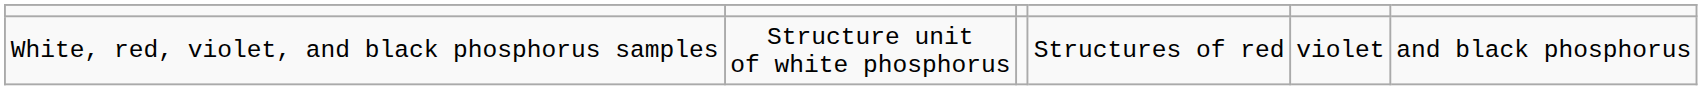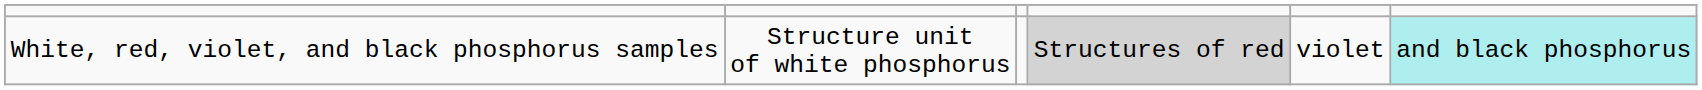 <table class="wikitable" style="text-align:center">
 <tr>
 <td></td>
 <td></td>
 <td></td>
 <td></td>
 <td></td>
 <td></td>
 </tr>
 <tr>
 <td>White, red, violet, and black phosphorus samples</td>
 <td>Structure unit<br>of white phosphorus</td>
 <td></td>
-<td>Structures of red</td>
+<td style="background: lightgrey;">Structures of red</td>
 <td>violet</td>
-<td>and black phosphorus</td>
+<td style="background: paleturquoise;">and black phosphorus</td>
 </tr>
 </table>
